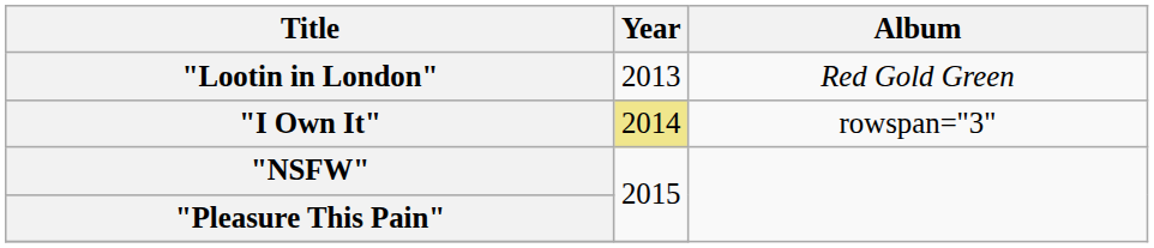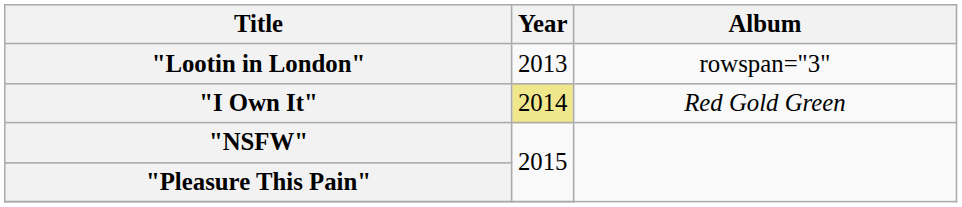 <table class="wikitable plainrowheaders" style="text-align:center;">
 <tr>
 <th scope="col" style="width:20em;">Title</th>
 <th scope="col" style="width:1em;">Year</th>
 <th scope="col" style="width:15em;">Album</th>
 </tr>
 <tr>
 <th scope="row">"Lootin in London"<br></th>
 <td>2013</td>
-<td><em>Red Gold Green</em></td>
+<td>rowspan="3" </td>
 </tr>
 <tr>
 <th scope="row">"I Own It"<br></th>
 <td style="background: khaki;">2014</td>
-<td>rowspan="3" </td>
+<td><em>Red Gold Green</em></td>
 </tr>
 <tr>
 <th scope="row">"NSFW"<br></th>
 <td rowspan="2">2015</td>
 </tr>
 <tr>
 <th scope="row">"Pleasure This Pain"<br></th>
 </tr>
 <tr>
 </tr>
 </table>
